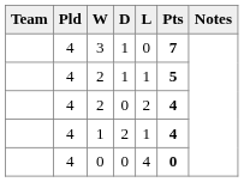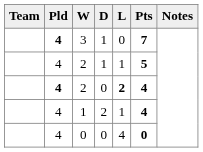 <table style=border-collapse:collapse border=1 cellspacing=0 cellpadding=5>
 <tr align=center bgcolor=#efefef>
 <th>Team</th>
 <th>Pld</th>
 <th>W</th>
 <th>D</th>
 <th>L</th>
 <th>Pts</th>
 <th>Notes</th>
 </tr>
 <tr align=center style="background:#FFFFFF;">
 <td style="text-align:left;"> </td>
-<td>4</td>
+<td><strong>4</strong></td>
 <td>3</td>
 <td>1</td>
 <td>0</td>
 <td><strong>7</strong></td>
 <td rowspan=5></td>
 </tr>
 <tr align=center style="background:#FFFFFF;">
 <td style="text-align:left;"> </td>
 <td>4</td>
 <td>2</td>
 <td>1</td>
 <td>1</td>
 <td><strong>5</strong></td>
 </tr>
 <tr align=center style="background:#FFFFFF;">
 <td style="text-align:left;"> </td>
-<td>4</td>
+<td><strong>4</strong></td>
 <td>2</td>
 <td>0</td>
-<td>2</td>
+<td><strong>2</strong></td>
 <td><strong>4</strong></td>
 </tr>
 <tr align=center style="background:#FFFFFF;">
 <td style="text-align:left;"> </td>
 <td>4</td>
 <td>1</td>
 <td>2</td>
 <td>1</td>
 <td><strong>4</strong></td>
 </tr>
 <tr align=center style="background:#FFFFFF;">
 <td style="text-align:left;"> </td>
 <td>4</td>
 <td>0</td>
 <td>0</td>
 <td>4</td>
 <td><strong>0</strong></td>
 </tr>
 </table>
